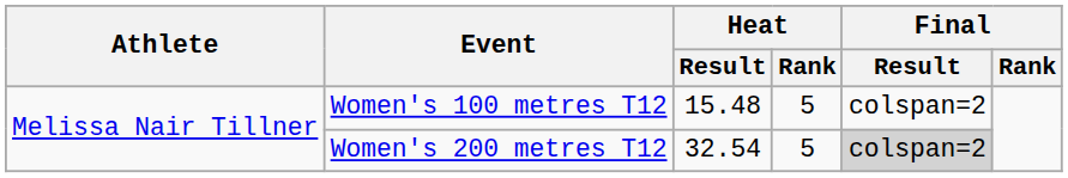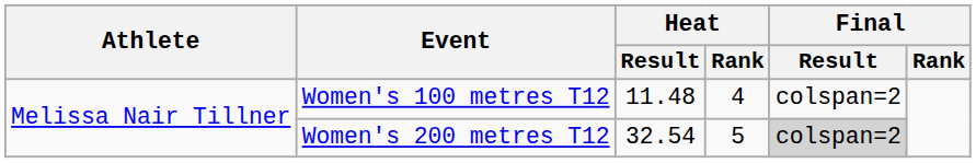 <table class="wikitable" style="text-align: center; font-size:90%">
 <tr>
 <th rowspan="2">Athlete</th>
 <th rowspan="2">Event</th>
 <th colspan="2">Heat</th>
 <th colspan="2">Final</th>
 </tr>
 <tr style="font-size:95%">
 <th>Result</th>
 <th>Rank</th>
 <th>Result</th>
 <th>Rank</th>
 </tr>
 <tr>
 <td align=left rowspan="2"><a href='#'>Melissa Nair Tillner</a></td>
 <td align=left><a href='#'>Women's 100 metres T12</a></td>
-<td>15.48</td>
-<td>5</td>
+<td>11.48</td>
+<td>4</td>
 <td>colspan=2 </td>
 </tr>
 <tr>
 <td align=left><a href='#'>Women's 200 metres T12</a></td>
 <td>32.54</td>
 <td>5</td>
 <td style="background: lightgrey;">colspan=2 </td>
 </tr>
 </table>
